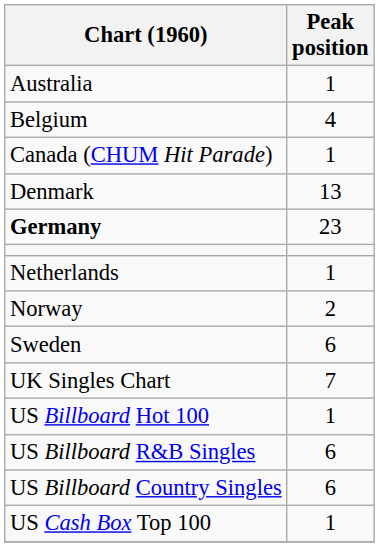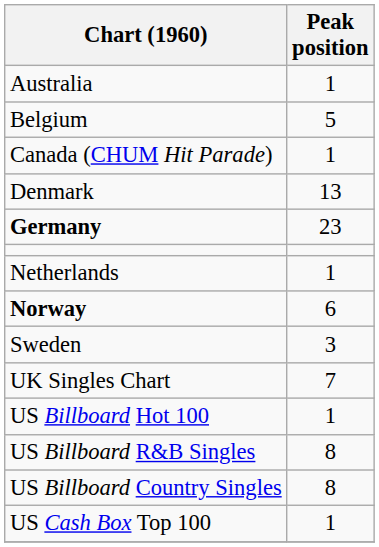 <table class="wikitable sortable">
 <tr>
 <th>Chart (1960)</th>
 <th>Peak<br>position</th>
 </tr>
 <tr>
 <td>Australia</td>
 <td style="text-align:center;">1</td>
 </tr>
 <tr>
 <td>Belgium</td>
-<td style="text-align:center;">4</td>
+<td style="text-align:center;">5</td>
 </tr>
 <tr>
 <td>Canada (<a href='#'>CHUM</a> <em>Hit Parade</em>)</td>
 <td style="text-align:center;">1</td>
 </tr>
 <tr>
 <td>Denmark</td>
 <td style="text-align:center;">13</td>
 </tr>
 <tr>
 <td><strong>Germany</strong></td>
 <td style="text-align:center;">23</td>
 </tr>
 <tr>
 <td></td>
 </tr>
 <tr>
 <td>Netherlands</td>
 <td style="text-align:center;">1</td>
 </tr>
 <tr>
-<td>Norway</td>
-<td style="text-align:center;">2</td>
+<td><strong>Norway</strong></td>
+<td style="text-align:center;">6</td>
 </tr>
 <tr>
 <td>Sweden</td>
-<td style="text-align:center;">6</td>
+<td style="text-align:center;">3</td>
 </tr>
 <tr>
 <td>UK Singles Chart</td>
 <td style="text-align:center;">7</td>
 </tr>
 <tr>
 <td>US <em><a href='#'>Billboard</a></em> <a href='#'>Hot 100</a></td>
 <td style="text-align:center;">1</td>
 </tr>
 <tr>
 <td>US <em>Billboard</em> <a href='#'>R&B Singles</a></td>
-<td style="text-align:center;">6</td>
+<td style="text-align:center;">8</td>
 </tr>
 <tr>
 <td>US <em>Billboard</em> <a href='#'>Country Singles</a></td>
-<td style="text-align:center;">6</td>
+<td style="text-align:center;">8</td>
 </tr>
 <tr>
 <td>US <a href='#'><em>Cash Box</em></a> Top 100</td>
 <td align="center">1</td>
 </tr>
 <tr>
 </tr>
 </table>
